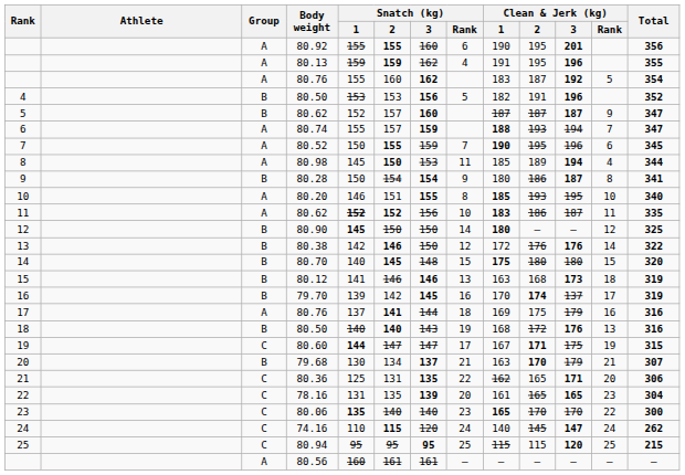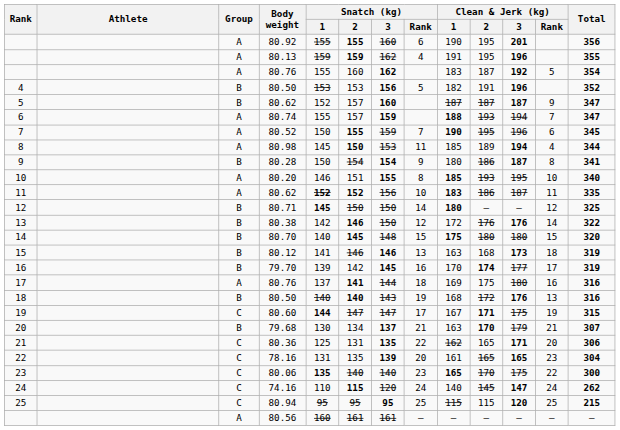 <table class = "wikitable" style="text-align:center;">
 <tr>
 <th rowspan=2 width=40>Rank</th>
 <th rowspan=2 width=250>Athlete</th>
 <th rowspan=2 width=50>Group</th>
 <th rowspan=2 width=60>Body weight</th>
 <th colspan=4>Snatch (kg)</th>
 <th colspan=4>Clean & Jerk (kg)</th>
 <th rowspan=2 width=60>Total</th>
 </tr>
 <tr>
 <th width=40>1</th>
 <th width=40>2</th>
 <th width=40>3</th>
 <th width=40>Rank</th>
 <th width=40>1</th>
 <th width=40>2</th>
 <th width=40>3</th>
 <th width=40>Rank</th>
 </tr>
 <tr>
 <td></td>
 <td align=left></td>
 <td>A</td>
 <td>80.92</td>
 <td><s>155</s></td>
 <td><strong>155</strong></td>
 <td><s>160</s></td>
 <td>6</td>
 <td>190</td>
 <td>195</td>
 <td><strong>201</strong></td>
 <td></td>
 <td><strong>356</strong></td>
 </tr>
 <tr>
 <td></td>
 <td align=left></td>
 <td>A</td>
 <td>80.13</td>
 <td><s>159</s></td>
 <td><strong>159</strong></td>
 <td><s>162</s></td>
 <td>4</td>
 <td>191</td>
 <td>195</td>
 <td><strong>196</strong></td>
 <td></td>
 <td><strong>355</strong></td>
 </tr>
 <tr>
 <td></td>
 <td align=left></td>
 <td>A</td>
 <td>80.76</td>
 <td>155</td>
 <td>160</td>
 <td><strong>162</strong></td>
 <td></td>
 <td>183</td>
 <td>187</td>
 <td><strong>192</strong></td>
 <td>5</td>
 <td><strong>354</strong></td>
 </tr>
 <tr>
 <td>4</td>
 <td align=left></td>
 <td>B</td>
 <td>80.50</td>
 <td><s>153</s></td>
 <td>153</td>
 <td><strong>156</strong></td>
 <td>5</td>
 <td>182</td>
 <td>191</td>
 <td><strong>196</strong></td>
 <td></td>
 <td><strong>352</strong></td>
 </tr>
 <tr>
 <td>5</td>
 <td align=left></td>
 <td>B</td>
 <td>80.62</td>
 <td>152</td>
 <td>157</td>
 <td><strong>160</strong></td>
 <td></td>
 <td><s>187</s></td>
 <td><s>187</s></td>
 <td><strong>187</strong></td>
 <td>9</td>
 <td><strong>347</strong></td>
 </tr>
 <tr>
 <td>6</td>
 <td align=left></td>
 <td>A</td>
 <td>80.74</td>
 <td>155</td>
 <td>157</td>
 <td><strong>159</strong></td>
 <td></td>
 <td><strong>188</strong></td>
 <td><s>193</s></td>
 <td><s>194</s></td>
 <td>7</td>
 <td><strong>347</strong></td>
 </tr>
 <tr>
 <td>7</td>
 <td align=left></td>
 <td>A</td>
 <td>80.52</td>
 <td>150</td>
 <td><strong>155</strong></td>
 <td><s>159</s></td>
 <td>7</td>
 <td><strong>190</strong></td>
 <td><s>195</s></td>
 <td><s>196</s></td>
 <td>6</td>
 <td><strong>345</strong></td>
 </tr>
 <tr>
 <td>8</td>
 <td align=left></td>
 <td>A</td>
 <td>80.98</td>
 <td>145</td>
 <td><strong>150</strong></td>
 <td><s>153</s></td>
 <td>11</td>
 <td>185</td>
 <td>189</td>
 <td><strong>194</strong></td>
 <td>4</td>
 <td><strong>344</strong></td>
 </tr>
 <tr>
 <td>9</td>
 <td align=left></td>
 <td>B</td>
 <td>80.28</td>
 <td>150</td>
 <td><s>154</s></td>
 <td><strong>154</strong></td>
 <td>9</td>
 <td>180</td>
 <td><s>186</s></td>
 <td><strong>187</strong></td>
 <td>8</td>
 <td><strong>341</strong></td>
 </tr>
 <tr>
 <td>10</td>
 <td align=left></td>
 <td>A</td>
 <td>80.20</td>
 <td>146</td>
 <td>151</td>
 <td><strong>155</strong></td>
 <td>8</td>
 <td><strong>185</strong></td>
 <td><s>193</s></td>
 <td><s>195</s></td>
 <td>10</td>
 <td><strong>340</strong></td>
 </tr>
 <tr>
 <td>11</td>
 <td align=left></td>
 <td>A</td>
 <td>80.62</td>
 <td><strong><s>152</s></strong></td>
 <td><strong>152</strong></td>
 <td><s>156</s></td>
 <td>10</td>
 <td><strong>183</strong></td>
 <td><s>186</s></td>
 <td><s>187</s></td>
 <td>11</td>
 <td><strong>335</strong></td>
 </tr>
 <tr>
 <td>12</td>
 <td align=left></td>
 <td>B</td>
-<td>80.90</td>
+<td>80.71</td>
 <td><strong>145</strong></td>
 <td><s>150</s></td>
 <td><s>150</s></td>
 <td>14</td>
 <td><strong>180</strong></td>
 <td>—</td>
 <td>—</td>
 <td>12</td>
 <td><strong>325</strong></td>
 </tr>
 <tr>
 <td>13</td>
 <td align=left></td>
 <td>B</td>
 <td>80.38</td>
 <td>142</td>
 <td><strong>146</strong></td>
 <td><s>150</s></td>
 <td>12</td>
 <td>172</td>
 <td><s>176</s></td>
 <td><strong>176</strong></td>
 <td>14</td>
 <td><strong>322</strong></td>
 </tr>
 <tr>
 <td>14</td>
 <td align=left></td>
 <td>B</td>
 <td>80.70</td>
 <td>140</td>
 <td><strong>145</strong></td>
 <td><s>148</s></td>
 <td>15</td>
 <td><strong>175</strong></td>
 <td><s>180</s></td>
 <td><s>180</s></td>
 <td>15</td>
 <td><strong>320</strong></td>
 </tr>
 <tr>
 <td>15</td>
 <td align=left></td>
 <td>B</td>
 <td>80.12</td>
 <td>141</td>
 <td><s>146</s></td>
 <td><strong>146</strong></td>
 <td>13</td>
 <td>163</td>
 <td>168</td>
 <td><strong>173</strong></td>
 <td>18</td>
 <td><strong>319</strong></td>
 </tr>
 <tr>
 <td>16</td>
 <td align=left></td>
 <td>B</td>
 <td>79.70</td>
 <td>139</td>
 <td>142</td>
 <td><strong>145</strong></td>
 <td>16</td>
 <td>170</td>
 <td><strong>174</strong></td>
-<td><s>137</s></td>
+<td><s>177</s></td>
 <td>17</td>
 <td><strong>319</strong></td>
 </tr>
 <tr>
 <td>17</td>
 <td align=left></td>
 <td>A</td>
 <td>80.76</td>
 <td>137</td>
 <td><strong>141</strong></td>
 <td><s>144</s></td>
 <td>18</td>
 <td>169</td>
 <td>175</td>
-<td><s>179</s></td>
+<td><s>180</s></td>
 <td>16</td>
 <td><strong>316</strong></td>
 </tr>
 <tr>
 <td>18</td>
 <td align=left></td>
 <td>B</td>
 <td>80.50</td>
 <td><s>140</s></td>
 <td><strong>140</strong></td>
 <td><s>143</s></td>
 <td>19</td>
 <td>168</td>
 <td><s>172</s></td>
 <td><strong>176</strong></td>
 <td>13</td>
 <td><strong>316</strong></td>
 </tr>
 <tr>
 <td>19</td>
 <td align=left></td>
 <td>C</td>
 <td>80.60</td>
 <td><strong>144</strong></td>
 <td><s>147</s></td>
 <td><s>147</s></td>
 <td>17</td>
 <td>167</td>
 <td><strong>171</strong></td>
 <td><s>175</s></td>
 <td>19</td>
 <td><strong>315</strong></td>
 </tr>
 <tr>
 <td>20</td>
 <td align=left></td>
 <td>B</td>
 <td>79.68</td>
 <td>130</td>
 <td>134</td>
 <td><strong>137</strong></td>
 <td>21</td>
 <td>163</td>
 <td><strong>170</strong></td>
 <td><s>179</s></td>
 <td>21</td>
 <td><strong>307</strong></td>
 </tr>
 <tr>
 <td>21</td>
 <td align=left></td>
 <td>C</td>
 <td>80.36</td>
 <td>125</td>
 <td>131</td>
 <td><strong>135</strong></td>
 <td>22</td>
 <td><s>162</s></td>
 <td>165</td>
 <td><strong>171</strong></td>
 <td>20</td>
 <td><strong>306</strong></td>
 </tr>
 <tr>
 <td>22</td>
 <td align=left></td>
 <td>C</td>
 <td>78.16</td>
 <td>131</td>
 <td>135</td>
 <td><strong>139</strong></td>
 <td>20</td>
 <td>161</td>
 <td><s>165</s></td>
 <td><strong>165</strong></td>
 <td>23</td>
 <td><strong>304</strong></td>
 </tr>
 <tr>
 <td>23</td>
 <td align=left></td>
 <td>C</td>
 <td>80.06</td>
 <td><strong>135</strong></td>
 <td><s>140</s></td>
 <td><s>140</s></td>
 <td>23</td>
 <td><strong>165</strong></td>
 <td><s>170</s></td>
-<td><s>170</s></td>
+<td><s>175</s></td>
 <td>22</td>
 <td><strong>300</strong></td>
 </tr>
 <tr>
 <td>24</td>
 <td align=left></td>
 <td>C</td>
 <td>74.16</td>
 <td>110</td>
 <td><strong>115</strong></td>
 <td><s>120</s></td>
 <td>24</td>
 <td>140</td>
 <td><s>145</s></td>
 <td><strong>147</strong></td>
 <td>24</td>
 <td><strong>262</strong></td>
 </tr>
 <tr>
 <td>25</td>
 <td align=left></td>
 <td>C</td>
 <td>80.94</td>
 <td><s>95</s></td>
 <td><s>95</s></td>
 <td><strong>95</strong></td>
 <td>25</td>
 <td><s>115</s></td>
 <td>115</td>
 <td><strong>120</strong></td>
 <td>25</td>
 <td><strong>215</strong></td>
 </tr>
 <tr>
 <td></td>
 <td align=left></td>
 <td>A</td>
 <td>80.56</td>
 <td><s>160</s></td>
 <td><s>161</s></td>
 <td><s>161</s></td>
 <td>—</td>
 <td>—</td>
 <td>—</td>
 <td>—</td>
 <td>—</td>
 <td>—</td>
 </tr>
 </table>
